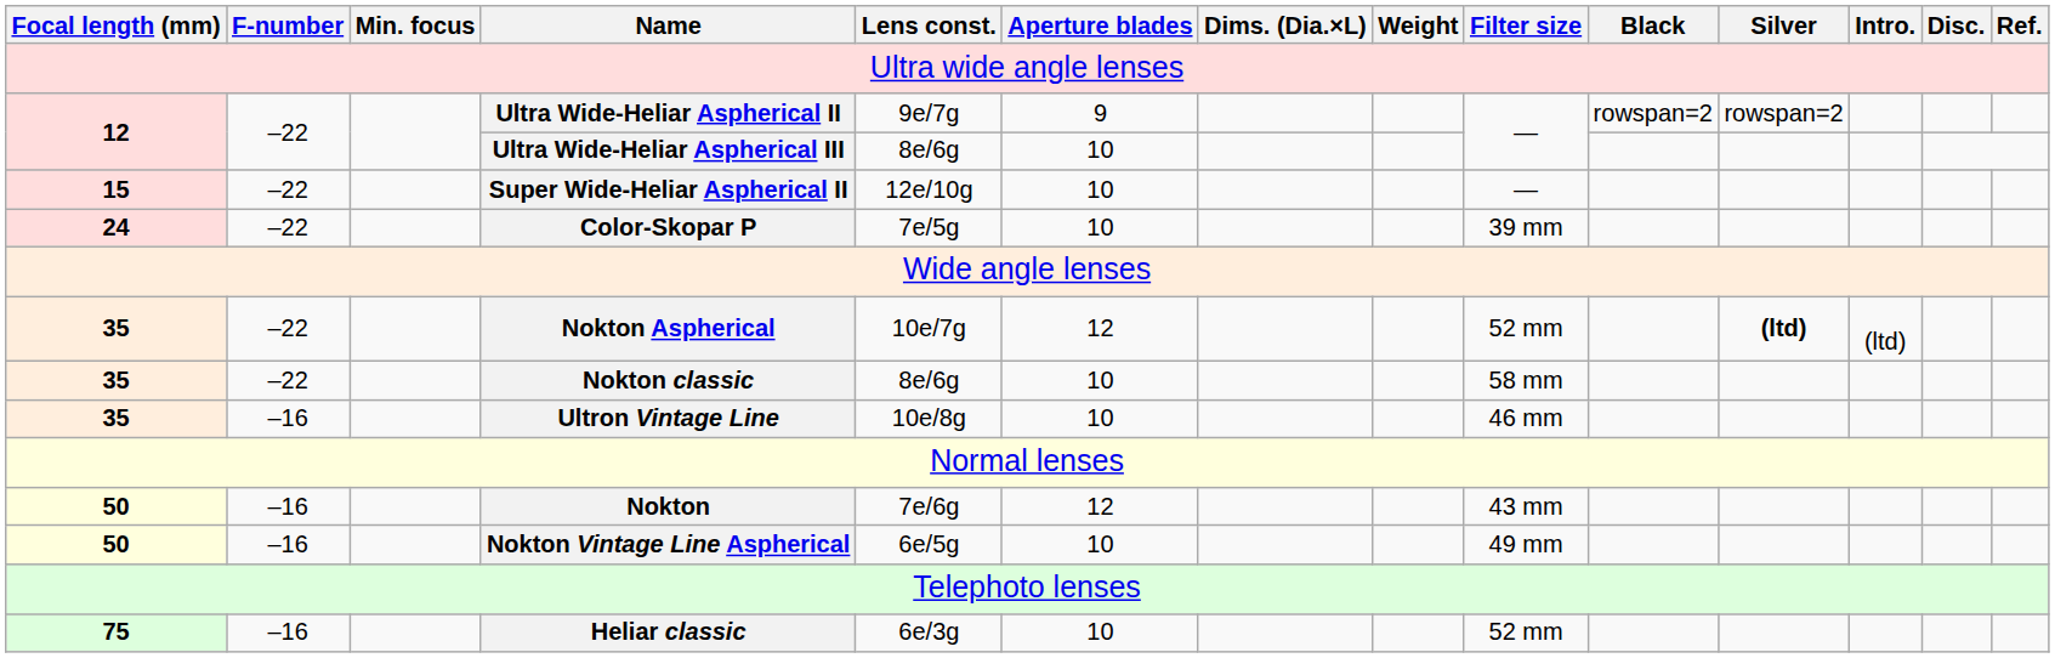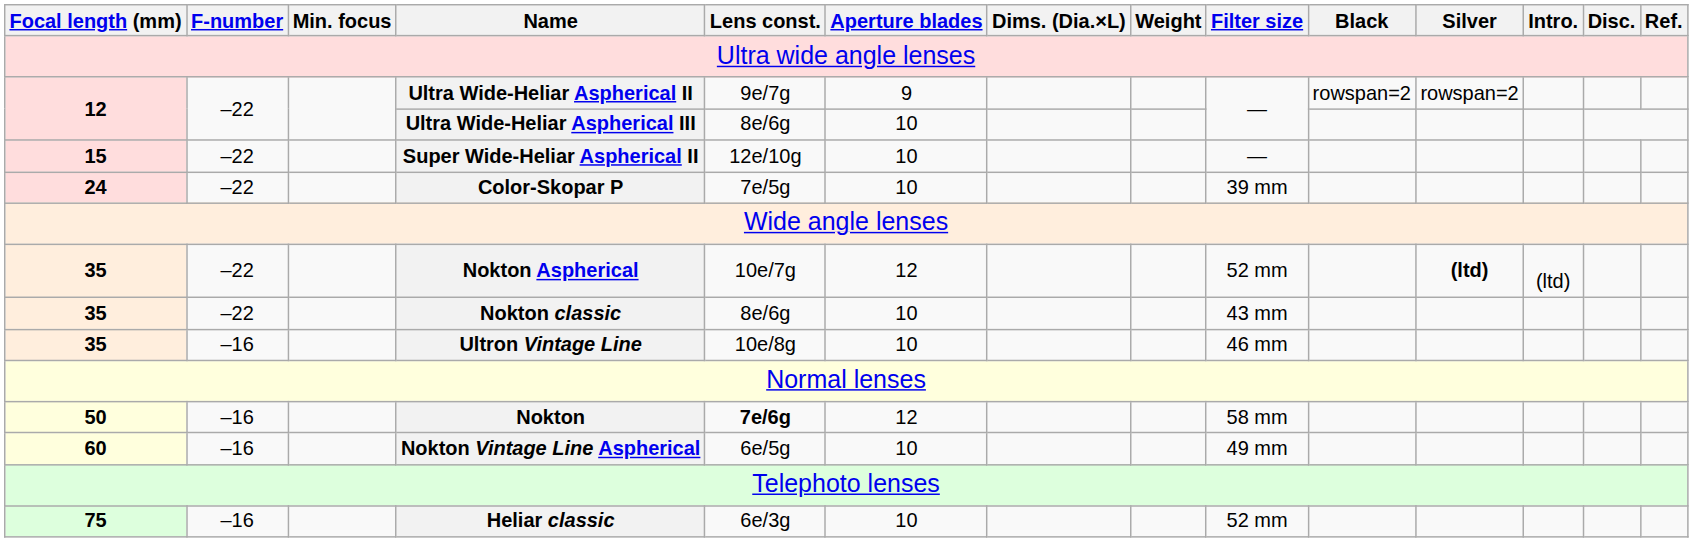 <table class="wikitable sortable" style="font-size:85%;text-align:center;">
 <tr>
 <th><a href='#'>Focal length</a> (mm)</th>
 <th><a href='#'>F-number</a></th>
 <th>Min. focus</th>
 <th>Name</th>
 <th>Lens const.</th>
 <th><a href='#'>Aperture blades</a></th>
 <th>Dims. (Dia.×L)</th>
 <th>Weight</th>
 <th><a href='#'>Filter size</a></th>
 <th>Black</th>
 <th>Silver</th>
 <th>Intro.</th>
 <th>Disc.</th>
 <th class="unsortable">Ref.</th>
 </tr>
 <tr>
 <td colspan=14 style="background:#fdd;font-size:125%;" data-sort-value="zzz-10"><a href='#'>Ultra wide angle lenses</a></td>
 </tr>
 <tr>
 <th style="background:#fdd;" rowspan=2>12</th>
 <td rowspan=2>–22</td>
 <td rowspan=2></td>
 <th>Ultra Wide-Heliar <a href='#'>Aspherical</a> II</th>
 <td>9e/7g</td>
 <td>9</td>
 <td></td>
 <td></td>
 <td rowspan=2>—</td>
 <td>rowspan=2 </td>
 <td>rowspan=2 </td>
 <td></td>
 <td></td>
 <td></td>
 </tr>
 <tr>
 <th>Ultra Wide-Heliar <a href='#'>Aspherical</a> III</th>
 <td>8e/6g</td>
 <td>10</td>
 <td></td>
 <td></td>
 <td></td>
 <td></td>
 <td></td>
 </tr>
 <tr>
 <th style="background:#fdd;">15</th>
 <td>–22</td>
 <td></td>
 <th>Super Wide-Heliar <a href='#'>Aspherical</a> II</th>
 <td>12e/10g</td>
 <td>10</td>
 <td></td>
 <td></td>
 <td>—</td>
 <td></td>
 <td></td>
 <td></td>
 <td></td>
 <td></td>
 </tr>
 <tr>
 <th style="background:#fdd;">24</th>
 <td>–22</td>
 <td></td>
 <th>Color-Skopar P</th>
 <td>7e/5g</td>
 <td>10</td>
 <td></td>
 <td></td>
 <td>39 mm</td>
 <td></td>
 <td></td>
 <td></td>
 <td></td>
 <td></td>
 </tr>
 <tr>
 <td colspan=14 style="background:#fed;font-size:125%;" data-sort-value="zzz-20"><a href='#'>Wide angle lenses</a></td>
 </tr>
 <tr>
 <th style="background:#fed;">35</th>
 <td>–22</td>
 <td></td>
 <th>Nokton <a href='#'>Aspherical</a></th>
 <td>10e/7g</td>
 <td>12</td>
 <td></td>
 <td></td>
 <td>52 mm</td>
 <td></td>
 <td><strong> (ltd)</strong></td>
 <td><br> (ltd)</td>
 <td></td>
 <td></td>
 </tr>
 <tr>
 <th style="background:#fed;">35</th>
 <td>–22</td>
 <td></td>
 <th>Nokton <em>classic</em></th>
 <td>8e/6g</td>
 <td>10</td>
 <td></td>
 <td></td>
-<td>58 mm</td>
+<td>43 mm</td>
 <td></td>
 <td></td>
 <td></td>
 <td></td>
 <td></td>
 </tr>
 <tr>
 <th style="background:#fed;">35</th>
 <td>–16</td>
 <td></td>
 <th>Ultron <em>Vintage Line</em></th>
 <td>10e/8g</td>
 <td>10</td>
 <td></td>
 <td></td>
 <td>46 mm</td>
 <td></td>
 <td></td>
 <td></td>
 <td></td>
 <td></td>
 </tr>
 <tr>
 <td colspan=14 style="background:#ffd;font-size:125%;" data-sort-value="zzz-30"><a href='#'>Normal lenses</a></td>
 </tr>
 <tr>
 <th style="background:#ffd;">50</th>
 <td>–16</td>
 <td></td>
 <th>Nokton</th>
-<td>7e/6g</td>
+<td><strong>7e/6g</strong></td>
 <td>12</td>
 <td></td>
 <td></td>
-<td>43 mm</td>
+<td>58 mm</td>
 <td></td>
 <td></td>
 <td></td>
 <td></td>
 <td></td>
 </tr>
 <tr>
-<th style="background:#ffd;">50</th>
+<th style="background:#ffd;">60</th>
 <td>–16</td>
 <td></td>
 <th>Nokton <em>Vintage Line</em> <a href='#'>Aspherical</a></th>
 <td>6e/5g</td>
 <td>10</td>
 <td></td>
 <td></td>
 <td>49 mm</td>
 <td></td>
 <td></td>
 <td></td>
 <td></td>
 <td></td>
 </tr>
 <tr>
 <td colspan=14 style="background:#dfd;font-size:125%;" data-sort-value="zzz-40"><a href='#'>Telephoto lenses</a></td>
 </tr>
 <tr>
 <th style="background:#dfd;">75</th>
 <td>–16</td>
 <td></td>
 <th>Heliar <em>classic</em></th>
 <td>6e/3g</td>
 <td>10</td>
 <td></td>
 <td></td>
 <td>52 mm</td>
 <td></td>
 <td></td>
 <td></td>
 <td></td>
 <td></td>
 </tr>
 </table>
